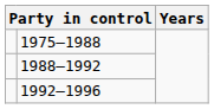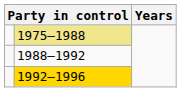 <table class="wikitable">
 <tr>
 <th colspan="2">Party in control</th>
 <th>Years</th>
 </tr>
 <tr>
 <td></td>
-<td>1975–1988</td>
+<td style="background: khaki;">1975–1988</td>
 </tr>
 <tr>
 <td></td>
 <td>1988–1992</td>
 </tr>
 <tr>
 <td></td>
-<td>1992–1996</td>
+<td style="background: gold;">1992–1996</td>
 </tr>
 </table>
